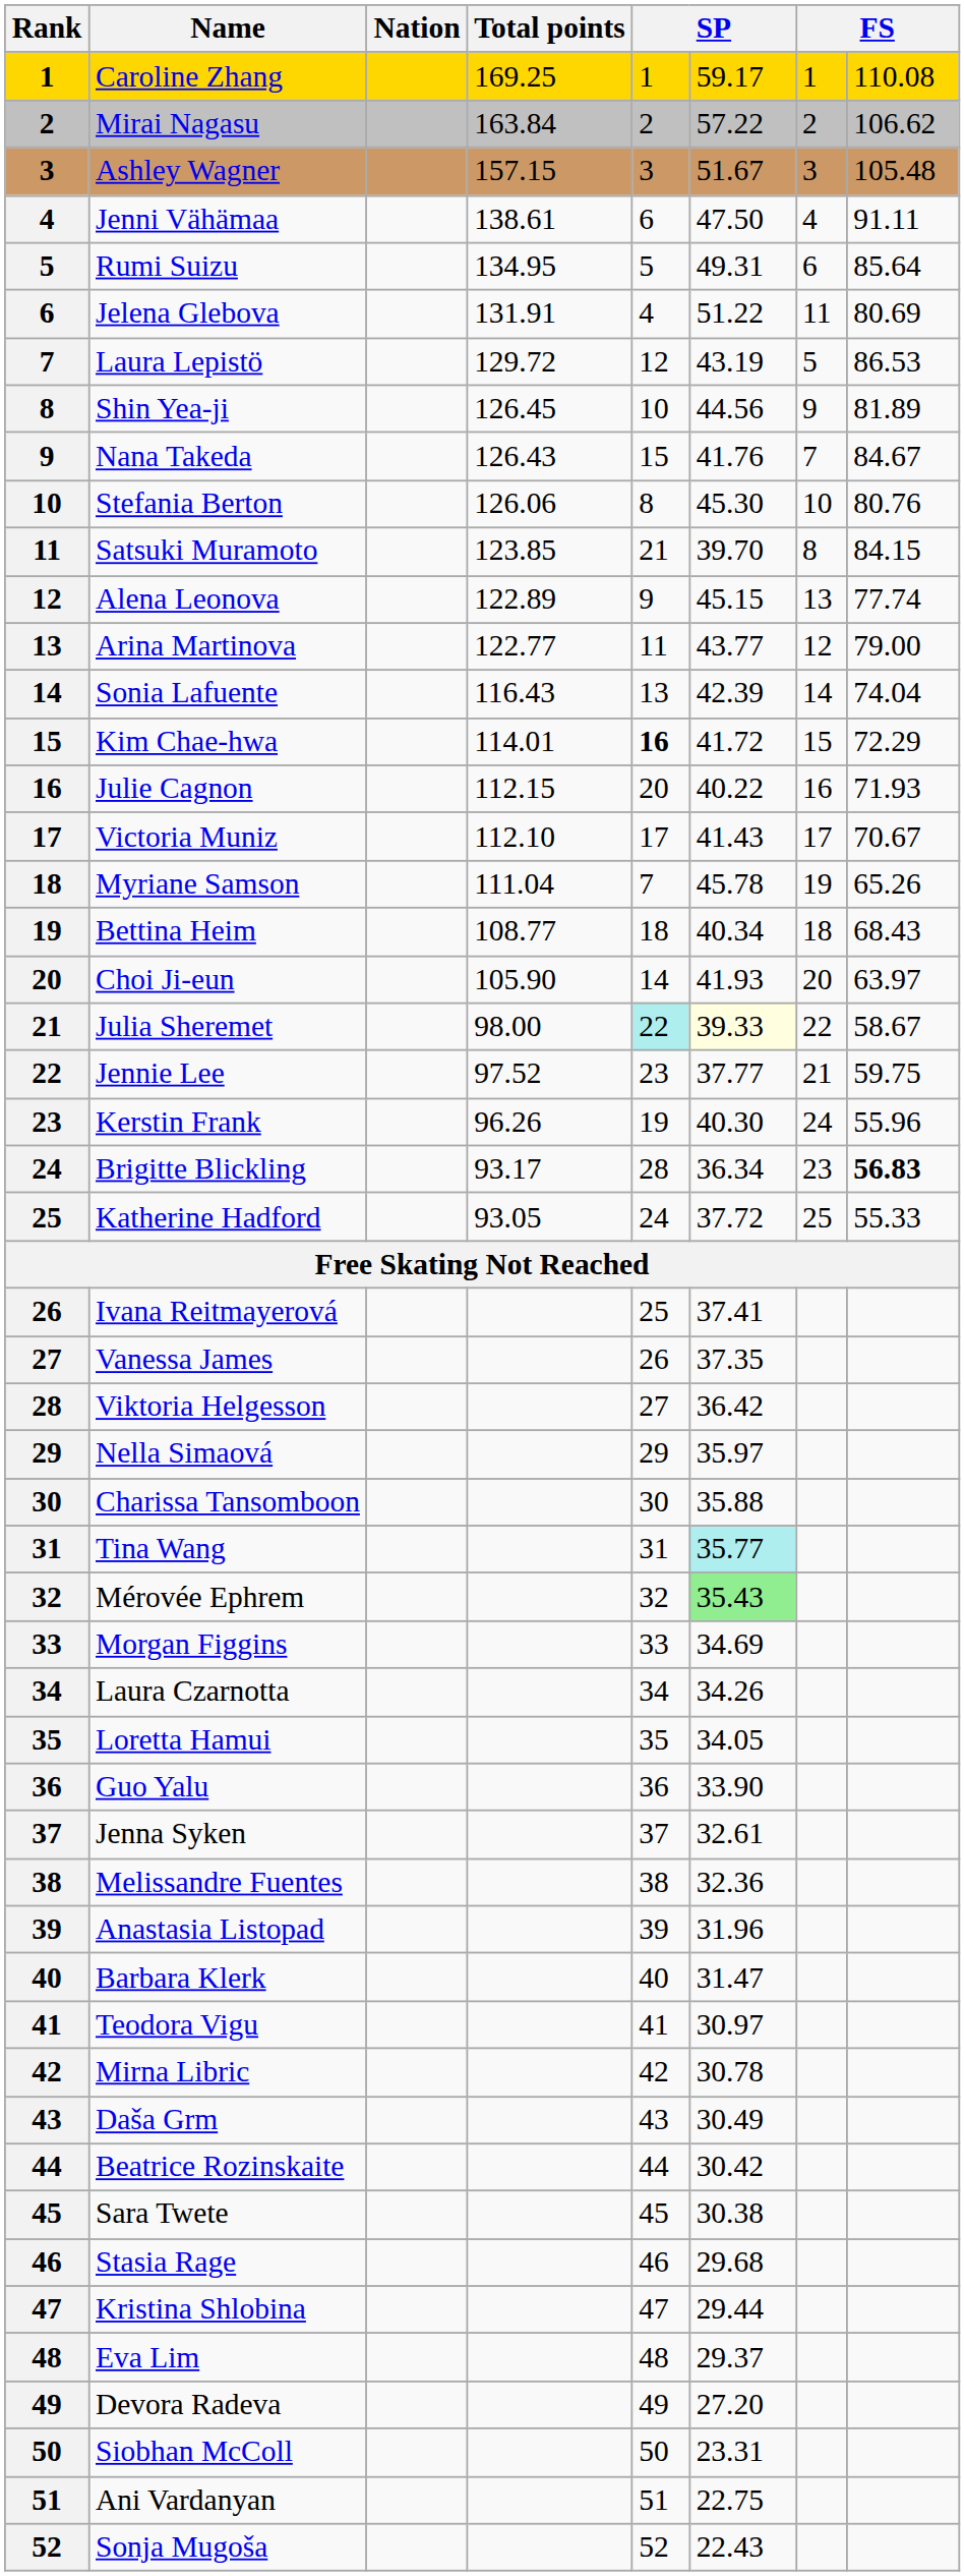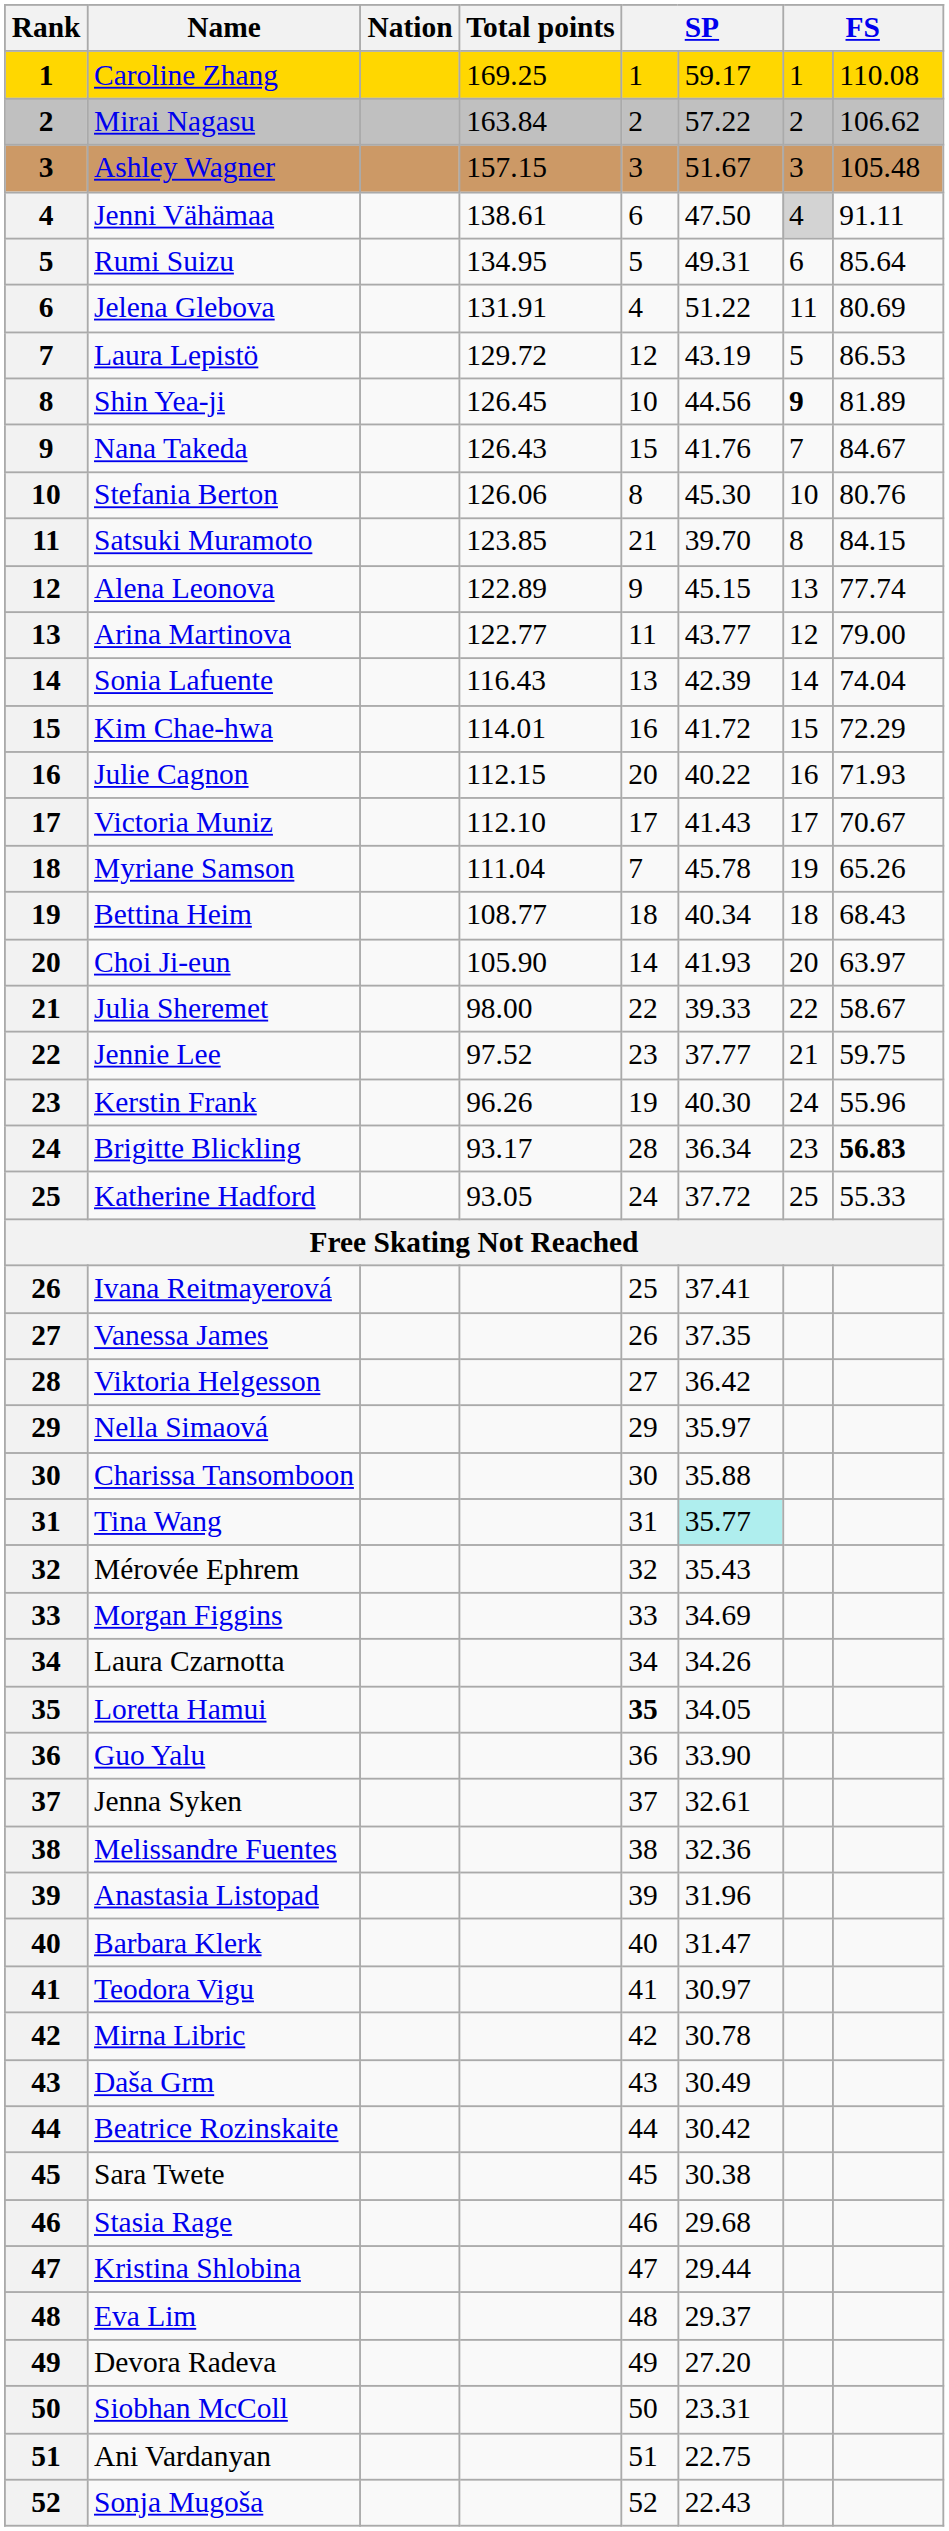 <table class="wikitable">
 <tr>
 <th>Rank</th>
 <th>Name</th>
 <th>Nation</th>
 <th>Total points</th>
 <th colspan="2" width="80px"><a href='#'>SP</a></th>
 <th colspan="2" width="80px"><a href='#'>FS</a></th>
 </tr>
 <tr bgcolor=gold>
 <td align=center><strong>1</strong></td>
 <td><a href='#'>Caroline Zhang</a></td>
 <td></td>
 <td>169.25</td>
 <td>1</td>
 <td>59.17</td>
 <td>1</td>
 <td>110.08</td>
 </tr>
 <tr bgcolor=silver>
 <td align=center><strong>2</strong></td>
 <td><a href='#'>Mirai Nagasu</a></td>
 <td></td>
 <td>163.84</td>
 <td>2</td>
 <td>57.22</td>
 <td>2</td>
 <td>106.62</td>
 </tr>
 <tr bgcolor=cc9966>
 <td align=center><strong>3</strong></td>
 <td><a href='#'>Ashley Wagner</a></td>
 <td></td>
 <td>157.15</td>
 <td>3</td>
 <td>51.67</td>
 <td>3</td>
 <td>105.48</td>
 </tr>
 <tr>
 <th>4</th>
 <td><a href='#'>Jenni Vähämaa</a></td>
 <td></td>
 <td>138.61</td>
 <td>6</td>
 <td>47.50</td>
-<td>4</td>
+<td style="background: lightgrey;">4</td>
 <td>91.11</td>
 </tr>
 <tr>
 <th>5</th>
 <td><a href='#'>Rumi Suizu</a></td>
 <td></td>
 <td>134.95</td>
 <td>5</td>
 <td>49.31</td>
 <td>6</td>
 <td>85.64</td>
 </tr>
 <tr>
 <th>6</th>
 <td><a href='#'>Jelena Glebova</a></td>
 <td></td>
 <td>131.91</td>
 <td>4</td>
 <td>51.22</td>
 <td>11</td>
 <td>80.69</td>
 </tr>
 <tr>
 <th>7</th>
 <td><a href='#'>Laura Lepistö</a></td>
 <td></td>
 <td>129.72</td>
 <td>12</td>
 <td>43.19</td>
 <td>5</td>
 <td>86.53</td>
 </tr>
 <tr>
 <th>8</th>
 <td><a href='#'>Shin Yea-ji</a></td>
 <td></td>
 <td>126.45</td>
 <td>10</td>
 <td>44.56</td>
-<td>9</td>
+<td><strong>9</strong></td>
 <td>81.89</td>
 </tr>
 <tr>
 <th>9</th>
 <td><a href='#'>Nana Takeda</a></td>
 <td></td>
 <td>126.43</td>
 <td>15</td>
 <td>41.76</td>
 <td>7</td>
 <td>84.67</td>
 </tr>
 <tr>
 <th>10</th>
 <td><a href='#'>Stefania Berton</a></td>
 <td></td>
 <td>126.06</td>
 <td>8</td>
 <td>45.30</td>
 <td>10</td>
 <td>80.76</td>
 </tr>
 <tr>
 <th>11</th>
 <td><a href='#'>Satsuki Muramoto</a></td>
 <td></td>
 <td>123.85</td>
 <td>21</td>
 <td>39.70</td>
 <td>8</td>
 <td>84.15</td>
 </tr>
 <tr>
 <th>12</th>
 <td><a href='#'>Alena Leonova</a></td>
 <td></td>
 <td>122.89</td>
 <td>9</td>
 <td>45.15</td>
 <td>13</td>
 <td>77.74</td>
 </tr>
 <tr>
 <th>13</th>
 <td><a href='#'>Arina Martinova</a></td>
 <td></td>
 <td>122.77</td>
 <td>11</td>
 <td>43.77</td>
 <td>12</td>
 <td>79.00</td>
 </tr>
 <tr>
 <th>14</th>
 <td><a href='#'>Sonia Lafuente</a></td>
 <td></td>
 <td>116.43</td>
 <td>13</td>
 <td>42.39</td>
 <td>14</td>
 <td>74.04</td>
 </tr>
 <tr>
 <th>15</th>
 <td><a href='#'>Kim Chae-hwa</a></td>
 <td></td>
 <td>114.01</td>
-<td><strong>16</strong></td>
+<td>16</td>
 <td>41.72</td>
 <td>15</td>
 <td>72.29</td>
 </tr>
 <tr>
 <th>16</th>
 <td><a href='#'>Julie Cagnon</a></td>
 <td></td>
 <td>112.15</td>
 <td>20</td>
 <td>40.22</td>
 <td>16</td>
 <td>71.93</td>
 </tr>
 <tr>
 <th>17</th>
 <td><a href='#'>Victoria Muniz</a></td>
 <td></td>
 <td>112.10</td>
 <td>17</td>
 <td>41.43</td>
 <td>17</td>
 <td>70.67</td>
 </tr>
 <tr>
 <th>18</th>
 <td><a href='#'>Myriane Samson</a></td>
 <td></td>
 <td>111.04</td>
 <td>7</td>
 <td>45.78</td>
 <td>19</td>
 <td>65.26</td>
 </tr>
 <tr>
 <th>19</th>
 <td><a href='#'>Bettina Heim</a></td>
 <td></td>
 <td>108.77</td>
 <td>18</td>
 <td>40.34</td>
 <td>18</td>
 <td>68.43</td>
 </tr>
 <tr>
 <th>20</th>
 <td><a href='#'>Choi Ji-eun</a></td>
 <td></td>
 <td>105.90</td>
 <td>14</td>
 <td>41.93</td>
 <td>20</td>
 <td>63.97</td>
 </tr>
 <tr>
 <th>21</th>
 <td><a href='#'>Julia Sheremet</a></td>
 <td></td>
 <td>98.00</td>
-<td style="background: paleturquoise;">22</td>
-<td style="background: lightyellow;">39.33</td>
+<td>22</td>
+<td>39.33</td>
 <td>22</td>
 <td>58.67</td>
 </tr>
 <tr>
 <th>22</th>
 <td><a href='#'>Jennie Lee</a></td>
 <td></td>
 <td>97.52</td>
 <td>23</td>
 <td>37.77</td>
 <td>21</td>
 <td>59.75</td>
 </tr>
 <tr>
 <th>23</th>
 <td><a href='#'>Kerstin Frank</a></td>
 <td></td>
 <td>96.26</td>
 <td>19</td>
 <td>40.30</td>
 <td>24</td>
 <td>55.96</td>
 </tr>
 <tr>
 <th>24</th>
 <td><a href='#'>Brigitte Blickling</a></td>
 <td></td>
 <td>93.17</td>
 <td>28</td>
 <td>36.34</td>
 <td>23</td>
 <td><strong>56.83</strong></td>
 </tr>
 <tr>
 <th>25</th>
 <td><a href='#'>Katherine Hadford</a></td>
 <td></td>
 <td>93.05</td>
 <td>24</td>
 <td>37.72</td>
 <td>25</td>
 <td>55.33</td>
 </tr>
 <tr>
 <th colspan=8>Free Skating Not Reached</th>
 </tr>
 <tr>
 <th>26</th>
 <td><a href='#'>Ivana Reitmayerová</a></td>
 <td></td>
 <td></td>
 <td>25</td>
 <td>37.41</td>
 <td></td>
 <td></td>
 </tr>
 <tr>
 <th>27</th>
 <td><a href='#'>Vanessa James</a></td>
 <td></td>
 <td></td>
 <td>26</td>
 <td>37.35</td>
 <td></td>
 <td></td>
 </tr>
 <tr>
 <th>28</th>
 <td><a href='#'>Viktoria Helgesson</a></td>
 <td></td>
 <td></td>
 <td>27</td>
 <td>36.42</td>
 <td></td>
 <td></td>
 </tr>
 <tr>
 <th>29</th>
 <td><a href='#'>Nella Simaová</a></td>
 <td></td>
 <td></td>
 <td>29</td>
 <td>35.97</td>
 <td></td>
 <td></td>
 </tr>
 <tr>
 <th>30</th>
 <td><a href='#'>Charissa Tansomboon</a></td>
 <td></td>
 <td></td>
 <td>30</td>
 <td>35.88</td>
 <td></td>
 <td></td>
 </tr>
 <tr>
 <th>31</th>
 <td><a href='#'>Tina Wang</a></td>
 <td></td>
 <td></td>
 <td>31</td>
 <td style="background: paleturquoise;">35.77</td>
 <td></td>
 <td></td>
 </tr>
 <tr>
 <th>32</th>
 <td>Mérovée Ephrem</td>
 <td></td>
 <td></td>
 <td>32</td>
-<td style="background: lightgreen;">35.43</td>
+<td>35.43</td>
 <td></td>
 <td></td>
 </tr>
 <tr>
 <th>33</th>
 <td><a href='#'>Morgan Figgins</a></td>
 <td></td>
 <td></td>
 <td>33</td>
 <td>34.69</td>
 <td></td>
 <td></td>
 </tr>
 <tr>
 <th>34</th>
 <td>Laura Czarnotta</td>
 <td></td>
 <td></td>
 <td>34</td>
 <td>34.26</td>
 <td></td>
 <td></td>
 </tr>
 <tr>
 <th>35</th>
 <td><a href='#'>Loretta Hamui</a></td>
 <td></td>
 <td></td>
-<td>35</td>
+<td><strong>35</strong></td>
 <td>34.05</td>
 <td></td>
 <td></td>
 </tr>
 <tr>
 <th>36</th>
 <td><a href='#'>Guo Yalu</a></td>
 <td></td>
 <td></td>
 <td>36</td>
 <td>33.90</td>
 <td></td>
 <td></td>
 </tr>
 <tr>
 <th>37</th>
 <td>Jenna Syken</td>
 <td></td>
 <td></td>
 <td>37</td>
 <td>32.61</td>
 <td></td>
 <td></td>
 </tr>
 <tr>
 <th>38</th>
 <td><a href='#'>Melissandre Fuentes</a></td>
 <td></td>
 <td></td>
 <td>38</td>
 <td>32.36</td>
 <td></td>
 <td></td>
 </tr>
 <tr>
 <th>39</th>
 <td><a href='#'>Anastasia Listopad</a></td>
 <td></td>
 <td></td>
 <td>39</td>
 <td>31.96</td>
 <td></td>
 <td></td>
 </tr>
 <tr>
 <th>40</th>
 <td><a href='#'>Barbara Klerk</a></td>
 <td></td>
 <td></td>
 <td>40</td>
 <td>31.47</td>
 <td></td>
 <td></td>
 </tr>
 <tr>
 <th>41</th>
 <td><a href='#'>Teodora Vigu</a></td>
 <td></td>
 <td></td>
 <td>41</td>
 <td>30.97</td>
 <td></td>
 <td></td>
 </tr>
 <tr>
 <th>42</th>
 <td><a href='#'>Mirna Libric</a></td>
 <td></td>
 <td></td>
 <td>42</td>
 <td>30.78</td>
 <td></td>
 <td></td>
 </tr>
 <tr>
 <th>43</th>
 <td><a href='#'>Daša Grm</a></td>
 <td></td>
 <td></td>
 <td>43</td>
 <td>30.49</td>
 <td></td>
 <td></td>
 </tr>
 <tr>
 <th>44</th>
 <td><a href='#'>Beatrice Rozinskaite</a></td>
 <td></td>
 <td></td>
 <td>44</td>
 <td>30.42</td>
 <td></td>
 <td></td>
 </tr>
 <tr>
 <th>45</th>
 <td>Sara Twete</td>
 <td></td>
 <td></td>
 <td>45</td>
 <td>30.38</td>
 <td></td>
 <td></td>
 </tr>
 <tr>
 <th>46</th>
 <td><a href='#'>Stasia Rage</a></td>
 <td></td>
 <td></td>
 <td>46</td>
 <td>29.68</td>
 <td></td>
 <td></td>
 </tr>
 <tr>
 <th>47</th>
 <td><a href='#'>Kristina Shlobina</a></td>
 <td></td>
 <td></td>
 <td>47</td>
 <td>29.44</td>
 <td></td>
 <td></td>
 </tr>
 <tr>
 <th>48</th>
 <td><a href='#'>Eva Lim</a></td>
 <td></td>
 <td></td>
 <td>48</td>
 <td>29.37</td>
 <td></td>
 <td></td>
 </tr>
 <tr>
 <th>49</th>
 <td>Devora Radeva</td>
 <td></td>
 <td></td>
 <td>49</td>
 <td>27.20</td>
 <td></td>
 <td></td>
 </tr>
 <tr>
 <th>50</th>
 <td><a href='#'>Siobhan McColl</a></td>
 <td></td>
 <td></td>
 <td>50</td>
 <td>23.31</td>
 <td></td>
 <td></td>
 </tr>
 <tr>
 <th>51</th>
 <td>Ani Vardanyan</td>
 <td></td>
 <td></td>
 <td>51</td>
 <td>22.75</td>
 <td></td>
 <td></td>
 </tr>
 <tr>
 <th>52</th>
 <td><a href='#'>Sonja Mugoša</a></td>
 <td></td>
 <td></td>
 <td>52</td>
 <td>22.43</td>
 <td></td>
 <td></td>
 </tr>
 </table>
